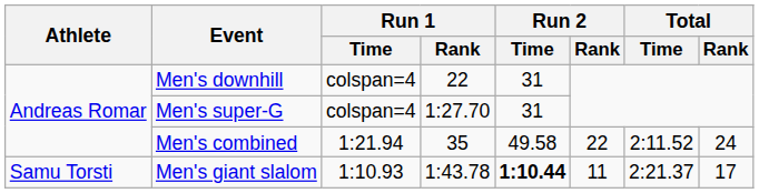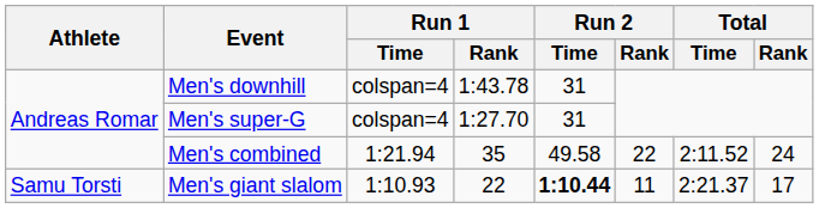 <table class="wikitable" style="font-size:90%">
 <tr>
 <th rowspan=2>Athlete</th>
 <th rowspan=2>Event</th>
 <th colspan=2>Run 1</th>
 <th colspan=2>Run 2</th>
 <th colspan=2>Total</th>
 </tr>
 <tr style="font-size:95%">
 <th>Time</th>
 <th>Rank</th>
 <th>Time</th>
 <th>Rank</th>
 <th>Time</th>
 <th>Rank</th>
 </tr>
 <tr align=center>
 <td rowspan=3 align=left><a href='#'>Andreas Romar</a></td>
 <td align=left><a href='#'>Men's downhill</a></td>
 <td>colspan=4 </td>
-<td>22</td>
+<td>1:43.78</td>
 <td>31</td>
 </tr>
 <tr align=center>
 <td align=left><a href='#'>Men's super-G</a></td>
 <td>colspan=4 </td>
 <td>1:27.70</td>
 <td>31</td>
 </tr>
 <tr align=center>
 <td align=left><a href='#'>Men's combined</a></td>
 <td>1:21.94</td>
 <td>35</td>
 <td>49.58</td>
 <td>22</td>
 <td>2:11.52</td>
 <td>24</td>
 </tr>
 <tr align=center>
 <td align=left><a href='#'>Samu Torsti</a></td>
 <td align=left><a href='#'>Men's giant slalom</a></td>
 <td>1:10.93</td>
-<td>1:43.78</td>
+<td>22</td>
 <td><strong>1:10.44</strong></td>
 <td>11</td>
 <td>2:21.37</td>
 <td>17</td>
 </tr>
 </table>
